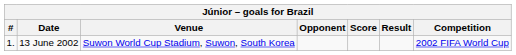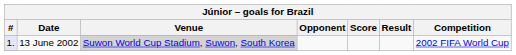 <table class="wikitable collapsible">
 <tr>
 <th colspan="7"><strong>Júnior – goals for Brazil</strong></th>
 </tr>
 <tr>
 <th>#</th>
 <th>Date</th>
 <th>Venue</th>
 <th>Opponent</th>
 <th>Score</th>
 <th>Result</th>
 <th>Competition</th>
 </tr>
 <tr>
-<td>1.</td>
+<td style="background: lavender;">1.</td>
 <td>13 June 2002</td>
-<td><a href='#'>Suwon World Cup Stadium</a>, <a href='#'>Suwon</a>, <a href='#'>South Korea</a></td>
+<td style="background: lightgrey;"><a href='#'>Suwon World Cup Stadium</a>, <a href='#'>Suwon</a>, <a href='#'>South Korea</a></td>
 <td></td>
 <td></td>
 <td></td>
 <td><a href='#'>2002 FIFA World Cup</a></td>
 </tr>
 </table>
